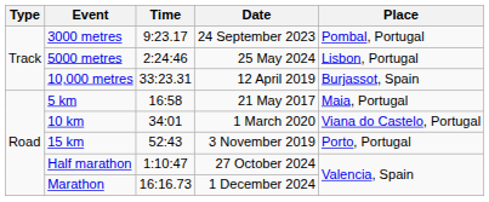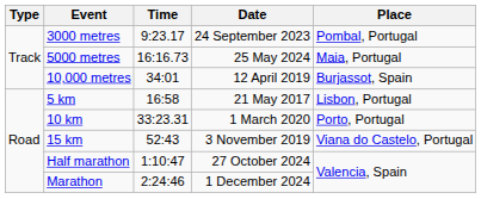 <table class="wikitable">
 <tr>
 <th>Type</th>
 <th>Event</th>
 <th>Time</th>
 <th>Date</th>
 <th>Place</th>
 </tr>
 <tr>
 <td rowspan="3">Track</td>
 <td><a href='#'>3000 metres</a></td>
 <td align="center">9:23.17</td>
 <td align="right">24 September 2023</td>
 <td><a href='#'>Pombal</a>, Portugal</td>
 </tr>
 <tr>
 <td><a href='#'>5000 metres</a></td>
-<td align="center">2:24:46</td>
+<td align="center">16:16.73</td>
 <td align="right">25 May 2024</td>
-<td><a href='#'>Lisbon</a>, Portugal</td>
+<td><a href='#'>Maia</a>, Portugal</td>
 </tr>
 <tr>
 <td><a href='#'>10,000 metres</a></td>
-<td align="center">33:23.31</td>
+<td align="center">34:01</td>
 <td align="right">12 April 2019</td>
 <td><a href='#'>Burjassot</a>, Spain</td>
 </tr>
 <tr>
 <td rowspan="5">Road</td>
 <td><a href='#'>5 km</a></td>
 <td align="center">16:58</td>
 <td align="right">21 May 2017</td>
-<td><a href='#'>Maia</a>, Portugal</td>
+<td><a href='#'>Lisbon</a>, Portugal</td>
 </tr>
 <tr>
 <td><a href='#'>10 km</a></td>
-<td align="center">34:01</td>
+<td align="center">33:23.31</td>
 <td align="right">1 March 2020</td>
-<td><a href='#'>Viana do Castelo</a>, Portugal</td>
+<td><a href='#'>Porto</a>, Portugal</td>
 </tr>
 <tr>
 <td><a href='#'>15 km</a></td>
 <td align="center">52:43</td>
 <td align="right">3 November 2019</td>
-<td><a href='#'>Porto</a>, Portugal</td>
+<td><a href='#'>Viana do Castelo</a>, Portugal</td>
 </tr>
 <tr>
 <td><a href='#'>Half marathon</a></td>
 <td align="center">1:10:47</td>
 <td align="right">27 October 2024</td>
 <td rowspan="2"><a href='#'>Valencia</a>, Spain</td>
 </tr>
 <tr>
 <td><a href='#'>Marathon</a></td>
-<td align="center">16:16.73</td>
+<td align="center">2:24:46</td>
 <td align="right">1 December 2024</td>
 </tr>
 </table>
